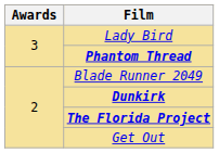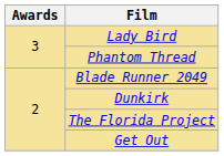 <table class="wikitable plainrowheaders" rowspan=2 style="text-align: center; background: #f6e39c">
 <tr>
 <th scope="col" width="55">Awards</th>
 <th scope="col" align="center">Film</th>
 </tr>
 <tr>
 <td rowspan="2">3</td>
 <td><em><a href='#'>Lady Bird</a></em></td>
 </tr>
 <tr>
-<td><strong><em><a href='#'>Phantom Thread</a></em></strong></td>
+<td><em><a href='#'>Phantom Thread</a></em></td>
 </tr>
 <tr>
 <td rowspan="4">2</td>
 <td><em><a href='#'>Blade Runner 2049</a></em></td>
 </tr>
 <tr>
-<td><strong><em><a href='#'>Dunkirk</a></em></strong></td>
+<td><em><a href='#'>Dunkirk</a></em></td>
 </tr>
 <tr>
-<td><strong><em><a href='#'>The Florida Project</a></em></strong></td>
+<td><em><a href='#'>The Florida Project</a></em></td>
 </tr>
 <tr>
 <td><em><a href='#'>Get Out</a></em></td>
 </tr>
 </table>
